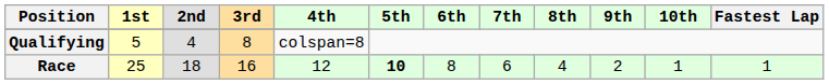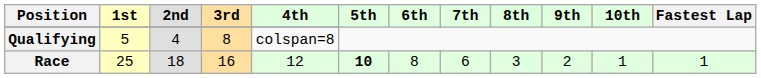 <table class="wikitable" style="font-size:85%; text-align:center">
 <tr>
 <th>Position</th>
 <td style="background:#ffffbf;"> <strong>1st</strong> </td>
 <td style="background:#dfdfdf;"> <strong>2nd</strong> </td>
 <td style="background:#ffdf9f;"> <strong>3rd</strong> </td>
 <td style="background:#dfffdf;"> <strong>4th</strong> </td>
 <td style="background:#dfffdf;"> <strong>5th</strong> </td>
 <td style="background:#dfffdf;"> <strong>6th</strong> </td>
 <td style="background:#dfffdf;"> <strong>7th</strong> </td>
 <td style="background:#dfffdf;"> <strong>8th</strong> </td>
 <td style="background:#dfffdf;"> <strong>9th</strong> </td>
 <td style="background:#dfffdf;"> <strong>10th</strong> </td>
 <th>Fastest Lap</th>
 </tr>
 <tr>
 </tr>
 <tr>
 <th>Qualifying</th>
 <td style="background:#ffffbf;">5</td>
 <td style="background:#dfdfdf;">4</td>
 <td style="background:#ffdf9f;">8</td>
 <td>colspan=8 </td>
 </tr>
 <tr>
 <th>Race</th>
 <td style="background:#FFFFBF;">25</td>
 <td style="background:#DFDFDF;">18</td>
 <td style="background:#FFDF9F;">16</td>
 <td style="background:#DFFFDF;">12</td>
 <td style="background:#DFFFDF;"><strong>10</strong></td>
 <td style="background:#DFFFDF;">8</td>
 <td style="background:#DFFFDF;">6</td>
-<td style="background:#DFFFDF;">4</td>
+<td style="background:#DFFFDF;">3</td>
 <td style="background:#DFFFDF;">2</td>
 <td style="background:#DFFFDF;">1</td>
 <td style="background:#DFFFDF;">1</td>
 </tr>
 </table>
